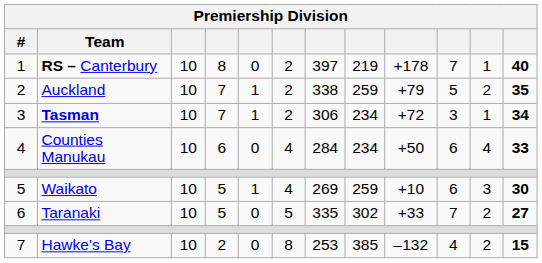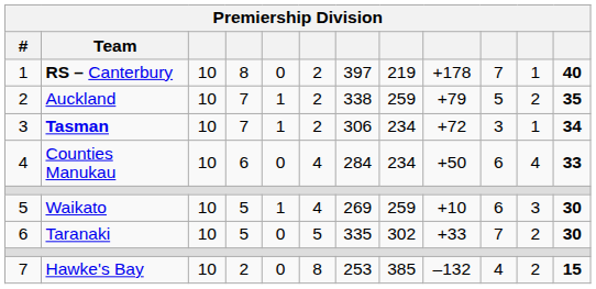 <table class="wikitable" width="550px" style="text-align:center">
 <tr>
 <th colspan="12">Premiership Division</th>
 </tr>
 <tr>
 <th style="width:5%">#</th>
 <th style="width:20%">Team</th>
 <th style="width:5%"></th>
 <th style="width:5%"></th>
 <th style="width:5%"></th>
 <th style="width:5%"></th>
 <th style="width:5%"></th>
 <th style="width:5%"></th>
 <th style="width:7%"></th>
 <th style="width:5%"></th>
 <th style="width:5%"></th>
 <th style="width:5%"></th>
 </tr>
 <tr>
 <td>1</td>
 <td style="text-align:left"><strong>RS –</strong> <a href='#'>Canterbury</a></td>
 <td>10</td>
 <td>8</td>
 <td>0</td>
 <td>2</td>
 <td>397</td>
 <td>219</td>
 <td>+178</td>
 <td>7</td>
 <td>1</td>
 <td><strong>40</strong></td>
 </tr>
 <tr>
 <td>2</td>
 <td style="text-align:left"><a href='#'>Auckland</a></td>
 <td>10</td>
 <td>7</td>
 <td>1</td>
 <td>2</td>
 <td>338</td>
 <td>259</td>
 <td>+79</td>
 <td>5</td>
 <td>2</td>
 <td><strong>35</strong></td>
 </tr>
 <tr>
 <td>3</td>
 <td style="text-align:left"><strong><a href='#'>Tasman</a></strong></td>
 <td>10</td>
 <td>7</td>
 <td>1</td>
 <td>2</td>
 <td>306</td>
 <td>234</td>
 <td>+72</td>
 <td>3</td>
 <td>1</td>
 <td><strong>34</strong></td>
 </tr>
 <tr>
 <td>4</td>
 <td style="text-align:left"><a href='#'>Counties Manukau</a></td>
 <td>10</td>
 <td>6</td>
 <td>0</td>
 <td>4</td>
 <td>284</td>
 <td>234</td>
 <td>+50</td>
 <td>6</td>
 <td>4</td>
 <td><strong>33</strong></td>
 </tr>
 <tr>
 <td colspan=12 style="background-color:#DDDDDD"></td>
 </tr>
 <tr>
 <td>5</td>
 <td style="text-align:left"><a href='#'>Waikato</a></td>
 <td>10</td>
 <td>5</td>
 <td>1</td>
 <td>4</td>
 <td>269</td>
 <td>259</td>
 <td>+10</td>
 <td>6</td>
 <td>3</td>
 <td><strong>30</strong></td>
 </tr>
 <tr>
 <td>6</td>
 <td style="text-align:left"><a href='#'>Taranaki</a></td>
 <td>10</td>
 <td>5</td>
 <td>0</td>
 <td>5</td>
 <td>335</td>
 <td>302</td>
 <td>+33</td>
 <td>7</td>
 <td>2</td>
-<td><strong>27</strong></td>
+<td><strong>30</strong></td>
 </tr>
 <tr>
 <td colspan=12 style="background-color:#DDDDDD"></td>
 </tr>
 <tr>
 <td>7</td>
 <td style="text-align:left"><a href='#'>Hawke's Bay</a></td>
 <td>10</td>
 <td>2</td>
 <td>0</td>
 <td>8</td>
 <td>253</td>
 <td>385</td>
 <td>–132</td>
 <td>4</td>
 <td>2</td>
 <td><strong>15</strong></td>
 </tr>
 </table>
